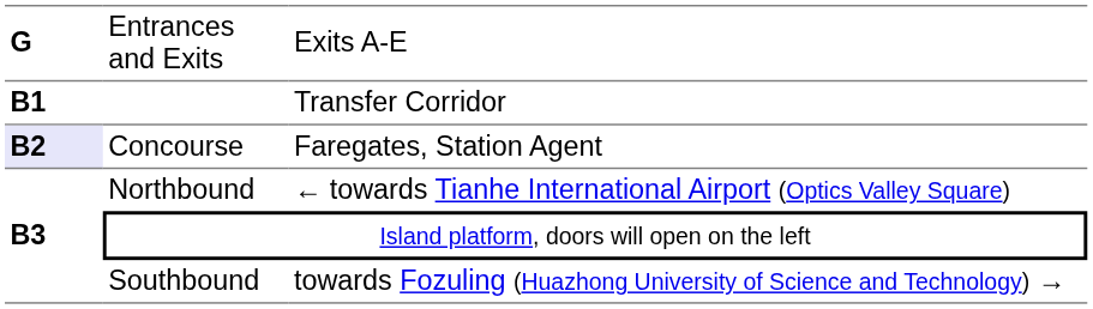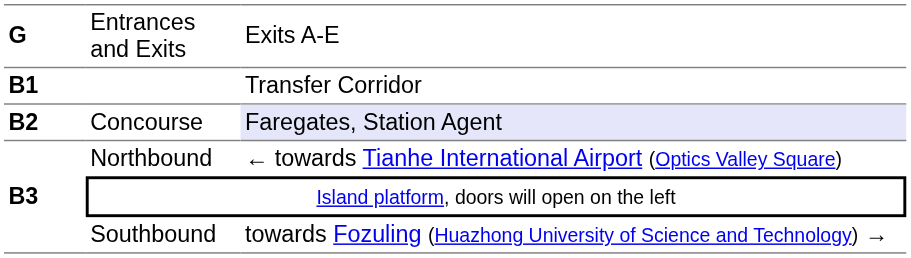 <table table border=0 cellspacing=0 cellpadding=3>
 <tr>
 <td style="border-top:solid 1px gray;border-bottom:solid 1px gray;" width=50><strong>G</strong></td>
 <td style="border-top:solid 1px gray;border-bottom:solid 1px gray;" width=100>Entrances and Exits</td>
 <td style="border-top:solid 1px gray;border-bottom:solid 1px gray;" width=450>Exits A-E</td>
 </tr>
 <tr>
 <td style="border-top:solid 0px gray;border-bottom:solid 1px gray;" width=50><strong>B1</strong></td>
 <td style="border-top:solid 0px gray;border-bottom:solid 1px gray;" width=100></td>
 <td style="border-top:solid 0px gray;border-bottom:solid 1px gray;" width=450>Transfer Corridor</td>
 </tr>
 <tr>
-<td style="background: lavender; border-top:solid 0px gray;border-bottom:solid 1px gray;" width=50><strong>B2</strong></td>
+<td style="border-top:solid 0px gray;border-bottom:solid 1px gray;" width=50><strong>B2</strong></td>
 <td style="border-top:solid 0px gray;border-bottom:solid 1px gray;" width=100>Concourse</td>
-<td style="border-top:solid 0px gray;border-bottom:solid 1px gray;" width=450>Faregates, Station Agent</td>
+<td style="background: lavender; border-top:solid 0px gray;border-bottom:solid 1px gray;" width=450>Faregates, Station Agent</td>
 </tr>
 <tr>
 <td style="border-bottom:solid 1px gray;" rowspan=3><strong>B3</strong></td>
 <td>Northbound</td>
 <td>←  towards <a href='#'>Tianhe International Airport</a> <small>(<a href='#'>Optics Valley Square</a>)</small></td>
 </tr>
 <tr>
 <td style="border-right:solid 2px black;border-left:solid 2px black;border-top:solid 2px black;border-bottom:solid 2px black;text-align:center;" colspan=2><small><a href='#'>Island platform</a>, doors will open on the left</small></td>
 </tr>
 <tr>
 <td style="border-bottom:solid 1px gray;">Southbound</td>
 <td style="border-bottom:solid 1px gray;"> towards <a href='#'>Fozuling</a> <small>(<a href='#'>Huazhong University of Science and Technology</a>)</small> →</td>
 </tr>
 </table>
